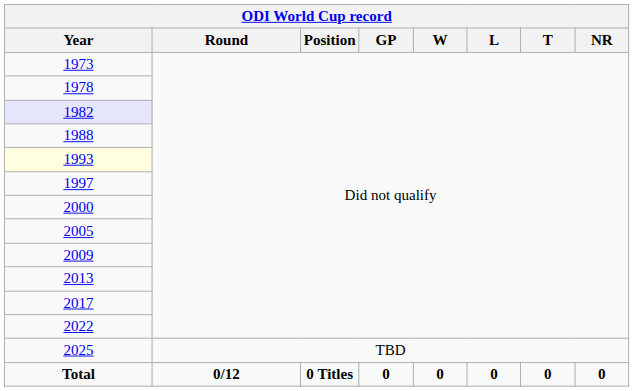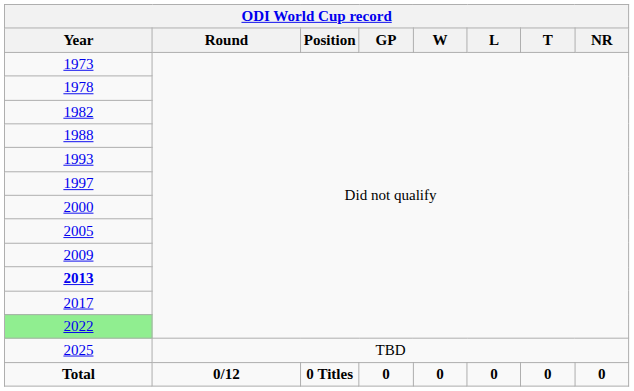 <table class="wikitable" style="text-align: center;">
 <tr>
 <th colspan=8><a href='#'>ODI World Cup record</a></th>
 </tr>
 <tr>
 <th width=150>Year</th>
 <th width=150>Round</th>
 <th width=50>Position</th>
 <th width=50>GP</th>
 <th width=50>W</th>
 <th width=50>L</th>
 <th width=50>T</th>
 <th width=50>NR</th>
 </tr>
 <tr>
 <td> <a href='#'>1973</a></td>
 <td colspan=7  rowspan=12>Did not qualify</td>
 </tr>
 <tr>
 <td> <a href='#'>1978</a></td>
 </tr>
 <tr>
-<td style="background: lavender;"> <a href='#'>1982</a></td>
+<td> <a href='#'>1982</a></td>
 </tr>
 <tr>
 <td> <a href='#'>1988</a></td>
 </tr>
 <tr>
-<td style="background: lightyellow;"> <a href='#'>1993</a></td>
+<td> <a href='#'>1993</a></td>
 </tr>
 <tr>
 <td> <a href='#'>1997</a></td>
 </tr>
 <tr>
 <td> <a href='#'>2000</a></td>
 </tr>
 <tr>
 <td> <a href='#'>2005</a></td>
 </tr>
 <tr>
 <td> <a href='#'>2009</a></td>
 </tr>
 <tr>
-<td> <a href='#'>2013</a></td>
+<td><strong> <a href='#'>2013</a></strong></td>
 </tr>
 <tr>
 <td> <a href='#'>2017</a></td>
 </tr>
 <tr>
-<td> <a href='#'>2022</a></td>
+<td style="background: lightgreen;"> <a href='#'>2022</a></td>
 </tr>
 <tr>
 <td> <a href='#'>2025</a></td>
 <td colspan=8>TBD</td>
 </tr>
 <tr>
 <td><strong>Total</strong></td>
 <td><strong>0/12</strong></td>
 <td><strong>0 Titles</strong></td>
 <td><strong>0</strong></td>
 <td><strong>0</strong></td>
 <td><strong>0</strong></td>
 <td><strong>0</strong></td>
 <td><strong>0</strong></td>
 </tr>
 </table>
